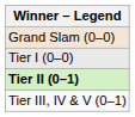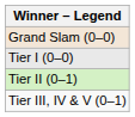 <table class="wikitable" style="font-size:90%;">
 <tr>
 <th>Winner – Legend</th>
 </tr>
 <tr>
 <td bgcolor=f3e6d7>Grand Slam (0–0)</td>
 </tr>
 <tr>
 <td bgcolor=e9e9e9>Tier I (0–0)</td>
 </tr>
 <tr>
-<td bgcolor=d4f1c5><strong>Tier II (0–1)</strong></td>
+<td bgcolor=d4f1c5>Tier II (0–1)</td>
 </tr>
 <tr>
 <td>Tier III, IV & V (0–1)</td>
 </tr>
 </table>
